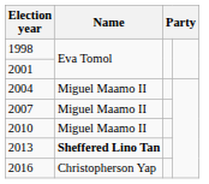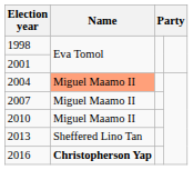 <table class=wikitable>
 <tr>
 <th>Election<br>year</th>
 <th>Name</th>
 <th colspan=2>Party</th>
 </tr>
 <tr>
 <td>1998</td>
 <td rowspan=2>Eva Tomol</td>
 <td rowspan=2 style="width: 5px; background-color: "></td>
 <td rowspan=2 style="text-align: left;" scope="row"><a href='#'></a></td>
 </tr>
 <tr>
 <td>2001</td>
 </tr>
 <tr>
 <td>2004</td>
-<td>Miguel Maamo II</td>
+<td style="background: lightsalmon;">Miguel Maamo II</td>
 <td></td>
 </tr>
 <tr>
 <td>2007</td>
 <td>Miguel Maamo II</td>
 <td></td>
 </tr>
 <tr>
 <td>2010</td>
 <td>Miguel Maamo II</td>
 <td></td>
 </tr>
 <tr>
 <td>2013</td>
-<td><strong>Sheffered Lino Tan</strong></td>
+<td>Sheffered Lino Tan</td>
 <td></td>
 </tr>
 <tr>
 <td>2016</td>
-<td>Christopherson Yap</td>
+<td><strong>Christopherson Yap</strong></td>
 <td></td>
 </tr>
 </table>
